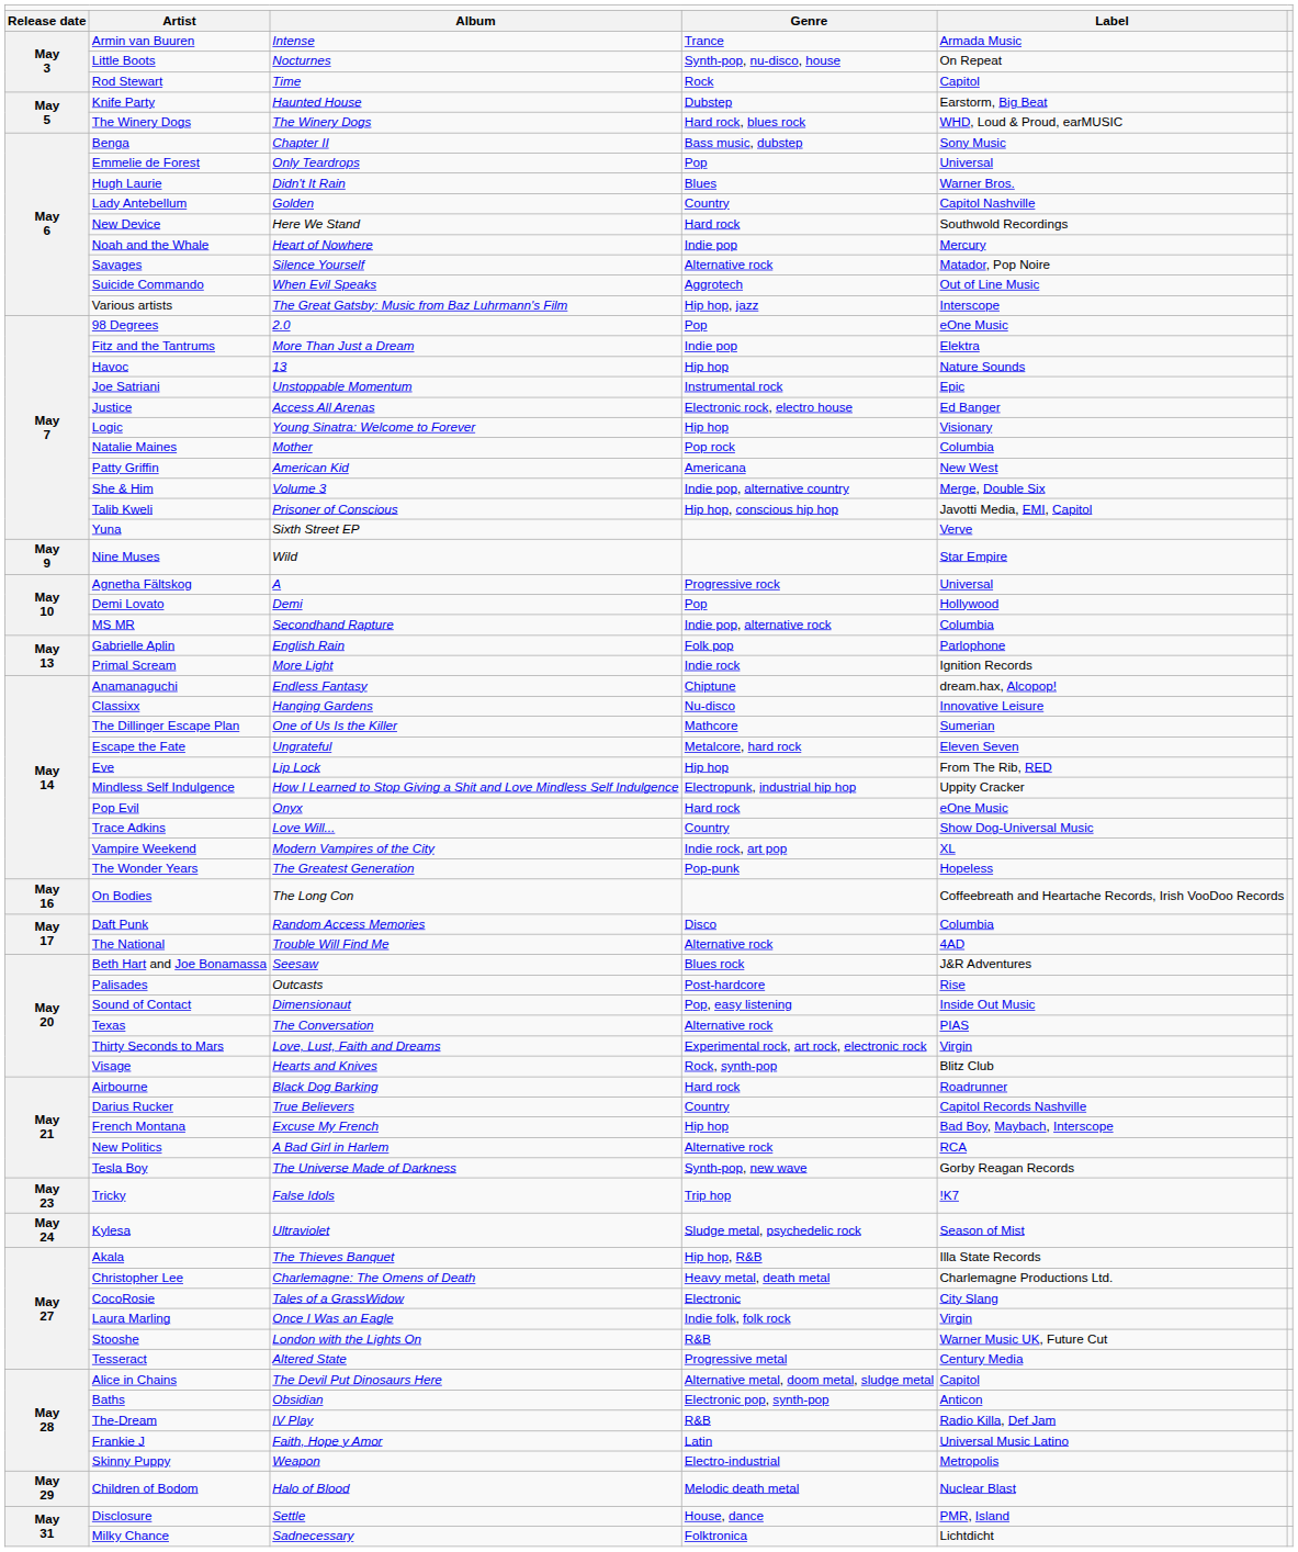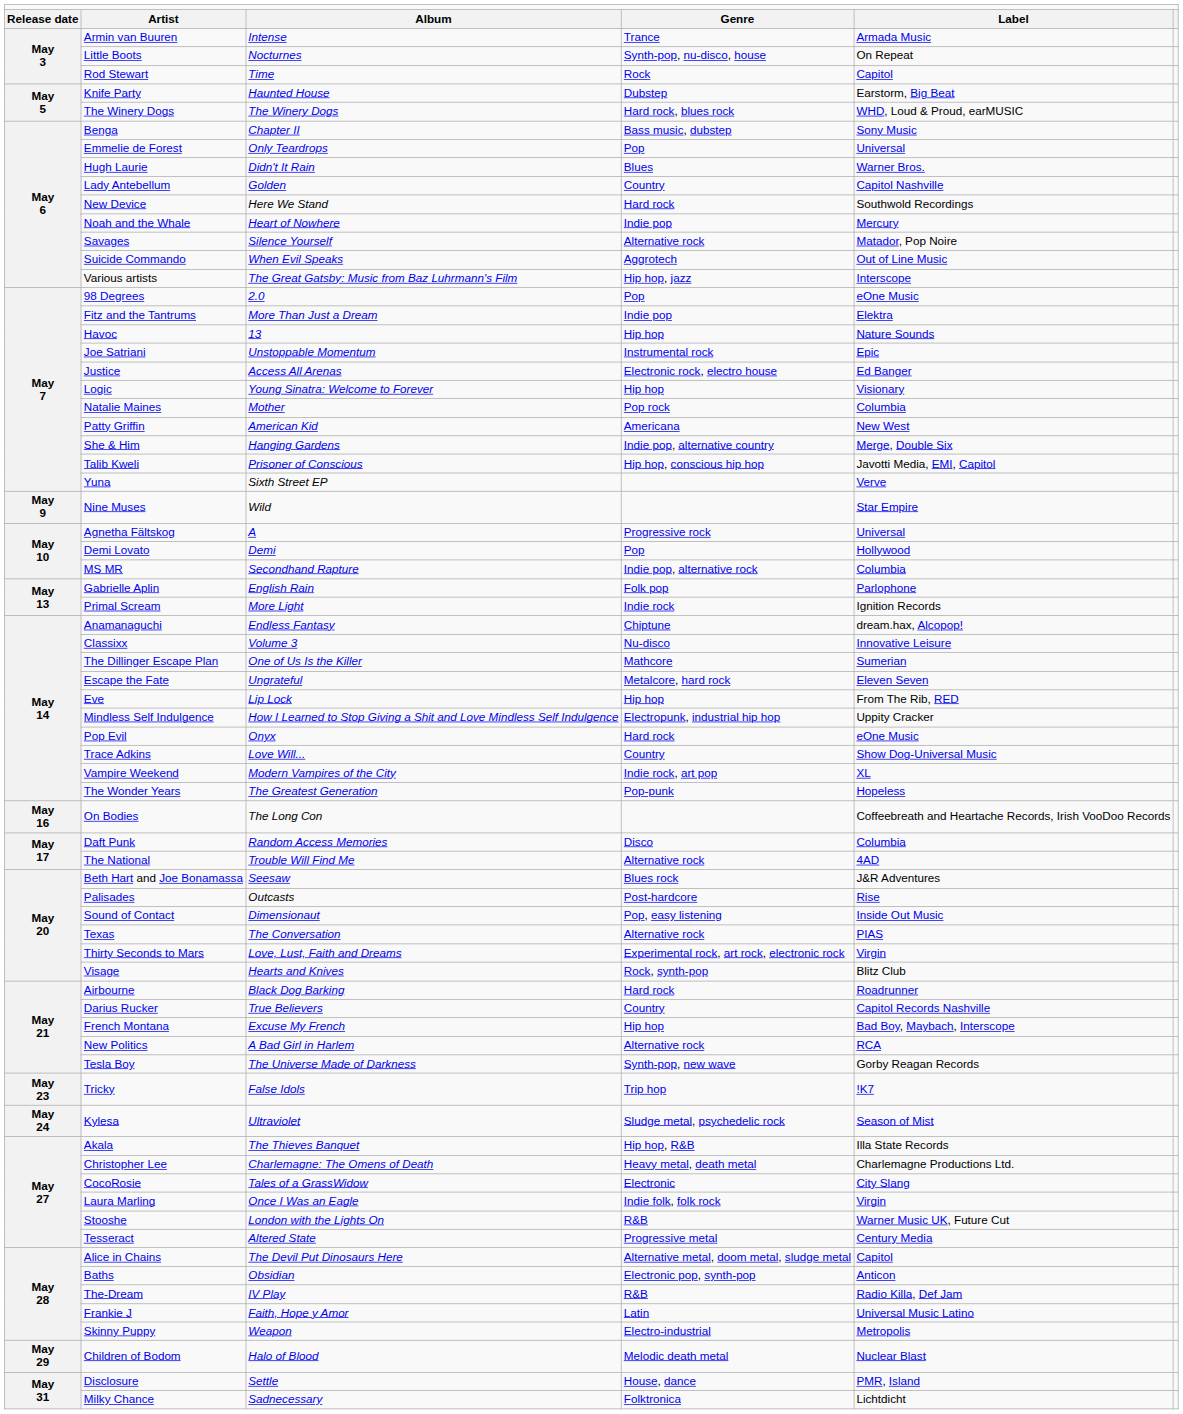 <table class="wikitable plainrowheaders">
 <tr>
 <td colspan="6" style="text-align:center;"></td>
 </tr>
 <tr>
 <th scope="col">Release date</th>
 <th scope="col">Artist</th>
 <th scope="col">Album</th>
 <th scope="col">Genre</th>
 <th scope="col">Label</th>
 <th scope="col"></th>
 </tr>
 <tr>
 <th scope="row" rowspan="3" style="text-align:center;">May<br>3</th>
 <td><a href='#'>Armin van Buuren</a></td>
 <td><em><a href='#'>Intense</a></em></td>
 <td><a href='#'>Trance</a></td>
 <td><a href='#'>Armada Music</a></td>
 <td></td>
 </tr>
 <tr>
 <td><a href='#'>Little Boots</a></td>
 <td><em><a href='#'>Nocturnes</a></em></td>
 <td><a href='#'>Synth-pop</a>, <a href='#'>nu-disco</a>, <a href='#'>house</a></td>
 <td>On Repeat</td>
 <td></td>
 </tr>
 <tr>
 <td><a href='#'>Rod Stewart</a></td>
 <td><em><a href='#'>Time</a></em></td>
 <td><a href='#'>Rock</a></td>
 <td><a href='#'>Capitol</a></td>
 <td></td>
 </tr>
 <tr>
 <th scope="row" rowspan="2" style="text-align:center;">May<br>5</th>
 <td><a href='#'>Knife Party</a></td>
 <td><em><a href='#'>Haunted House</a></em></td>
 <td><a href='#'>Dubstep</a></td>
 <td>Earstorm, <a href='#'>Big Beat</a></td>
 <td></td>
 </tr>
 <tr>
 <td><a href='#'>The Winery Dogs</a></td>
 <td><em><a href='#'>The Winery Dogs</a></em></td>
 <td><a href='#'>Hard rock</a>, <a href='#'>blues rock</a></td>
 <td><a href='#'>WHD</a>, Loud & Proud, earMUSIC</td>
 <td></td>
 </tr>
 <tr>
 <th scope="row" rowspan="9" style="text-align:center;">May<br>6</th>
 <td><a href='#'>Benga</a></td>
 <td><em><a href='#'>Chapter II</a></em></td>
 <td><a href='#'>Bass music</a>, <a href='#'>dubstep</a></td>
 <td><a href='#'>Sony Music</a></td>
 <td></td>
 </tr>
 <tr>
 <td><a href='#'>Emmelie de Forest</a></td>
 <td><em><a href='#'>Only Teardrops</a></em></td>
 <td><a href='#'>Pop</a></td>
 <td><a href='#'>Universal</a></td>
 <td></td>
 </tr>
 <tr>
 <td><a href='#'>Hugh Laurie</a></td>
 <td><em><a href='#'>Didn't It Rain</a></em></td>
 <td><a href='#'>Blues</a></td>
 <td><a href='#'>Warner Bros.</a></td>
 <td></td>
 </tr>
 <tr>
 <td><a href='#'>Lady Antebellum</a></td>
 <td><em><a href='#'>Golden</a></em></td>
 <td><a href='#'>Country</a></td>
 <td><a href='#'>Capitol Nashville</a></td>
 <td></td>
 </tr>
 <tr>
 <td><a href='#'>New Device</a></td>
 <td><em>Here We Stand</em></td>
 <td><a href='#'>Hard rock</a></td>
 <td>Southwold Recordings</td>
 <td></td>
 </tr>
 <tr>
 <td><a href='#'>Noah and the Whale</a></td>
 <td><em><a href='#'>Heart of Nowhere</a></em></td>
 <td><a href='#'>Indie pop</a></td>
 <td><a href='#'>Mercury</a></td>
 <td></td>
 </tr>
 <tr>
 <td><a href='#'>Savages</a></td>
 <td><em><a href='#'>Silence Yourself</a></em></td>
 <td><a href='#'>Alternative rock</a></td>
 <td><a href='#'>Matador</a>, Pop Noire</td>
 <td></td>
 </tr>
 <tr>
 <td><a href='#'>Suicide Commando</a></td>
 <td><em><a href='#'>When Evil Speaks</a></em></td>
 <td><a href='#'>Aggrotech</a></td>
 <td><a href='#'>Out of Line Music</a></td>
 <td></td>
 </tr>
 <tr>
 <td>Various artists</td>
 <td><em><a href='#'>The Great Gatsby: Music from Baz Luhrmann's Film</a></em></td>
 <td><a href='#'>Hip hop</a>, <a href='#'>jazz</a></td>
 <td><a href='#'>Interscope</a></td>
 <td></td>
 </tr>
 <tr>
 <th scope="row" rowspan="11" style="text-align:center;">May<br>7</th>
 <td><a href='#'>98 Degrees</a></td>
 <td><em><a href='#'>2.0</a></em></td>
 <td><a href='#'>Pop</a></td>
 <td><a href='#'>eOne Music</a></td>
 <td></td>
 </tr>
 <tr>
 <td><a href='#'>Fitz and the Tantrums</a></td>
 <td><em><a href='#'>More Than Just a Dream</a></em></td>
 <td><a href='#'>Indie pop</a></td>
 <td><a href='#'>Elektra</a></td>
 <td></td>
 </tr>
 <tr>
 <td><a href='#'>Havoc</a></td>
 <td><em><a href='#'>13</a></em></td>
 <td><a href='#'>Hip hop</a></td>
 <td><a href='#'>Nature Sounds</a></td>
 <td></td>
 </tr>
 <tr>
 <td><a href='#'>Joe Satriani</a></td>
 <td><em><a href='#'>Unstoppable Momentum</a></em></td>
 <td><a href='#'>Instrumental rock</a></td>
 <td><a href='#'>Epic</a></td>
 <td></td>
 </tr>
 <tr>
 <td><a href='#'>Justice</a></td>
 <td><em><a href='#'>Access All Arenas</a></em></td>
 <td><a href='#'>Electronic rock</a>, <a href='#'>electro house</a></td>
 <td><a href='#'>Ed Banger</a></td>
 <td></td>
 </tr>
 <tr>
 <td><a href='#'>Logic</a></td>
 <td><em><a href='#'>Young Sinatra: Welcome to Forever</a></em></td>
 <td><a href='#'>Hip hop</a></td>
 <td><a href='#'>Visionary</a></td>
 <td></td>
 </tr>
 <tr>
 <td><a href='#'>Natalie Maines</a></td>
 <td><em><a href='#'>Mother</a></em></td>
 <td><a href='#'>Pop rock</a></td>
 <td><a href='#'>Columbia</a></td>
 <td></td>
 </tr>
 <tr>
 <td><a href='#'>Patty Griffin</a></td>
 <td><em><a href='#'>American Kid</a></em></td>
 <td><a href='#'>Americana</a></td>
 <td><a href='#'>New West</a></td>
 <td></td>
 </tr>
 <tr>
 <td><a href='#'>She & Him</a></td>
-<td><em><a href='#'>Volume 3</a></em></td>
+<td><em><a href='#'>Hanging Gardens</a></em></td>
 <td><a href='#'>Indie pop</a>, <a href='#'>alternative country</a></td>
 <td><a href='#'>Merge</a>, <a href='#'>Double Six</a></td>
 <td></td>
 </tr>
 <tr>
 <td><a href='#'>Talib Kweli</a></td>
 <td><em><a href='#'>Prisoner of Conscious</a></em></td>
 <td><a href='#'>Hip hop</a>, <a href='#'>conscious hip hop</a></td>
 <td>Javotti Media, <a href='#'>EMI</a>, <a href='#'>Capitol</a></td>
 <td></td>
 </tr>
 <tr>
 <td><a href='#'>Yuna</a></td>
 <td><em>Sixth Street EP</em></td>
 <td></td>
 <td><a href='#'>Verve</a></td>
 <td></td>
 </tr>
 <tr>
 <th scope="row" style="text-align:center;">May<br>9</th>
 <td><a href='#'>Nine Muses</a></td>
 <td><em>Wild</em></td>
 <td></td>
 <td><a href='#'>Star Empire</a></td>
 <td></td>
 </tr>
 <tr>
 <th scope="row" rowspan="3" style="text-align:center;">May<br>10</th>
 <td><a href='#'>Agnetha Fältskog</a></td>
 <td><em><a href='#'>A</a></em></td>
 <td><a href='#'>Progressive rock</a></td>
 <td><a href='#'>Universal</a></td>
 <td></td>
 </tr>
 <tr>
 <td><a href='#'>Demi Lovato</a></td>
 <td><em><a href='#'>Demi</a></em></td>
 <td><a href='#'>Pop</a></td>
 <td><a href='#'>Hollywood</a></td>
 <td></td>
 </tr>
 <tr>
 <td><a href='#'>MS MR</a></td>
 <td><em><a href='#'>Secondhand Rapture</a></em></td>
 <td><a href='#'>Indie pop</a>, <a href='#'>alternative rock</a></td>
 <td><a href='#'>Columbia</a></td>
 <td></td>
 </tr>
 <tr>
 <th scope="row" rowspan="2" style="text-align:center;">May<br>13</th>
 <td><a href='#'>Gabrielle Aplin</a></td>
 <td><em><a href='#'>English Rain</a></em></td>
 <td><a href='#'>Folk pop</a></td>
 <td><a href='#'>Parlophone</a></td>
 <td></td>
 </tr>
 <tr>
 <td><a href='#'>Primal Scream</a></td>
 <td><em><a href='#'>More Light</a></em></td>
 <td><a href='#'>Indie rock</a></td>
 <td>Ignition Records</td>
 <td></td>
 </tr>
 <tr>
 <th scope="row" rowspan="10" style="text-align:center;">May<br>14</th>
 <td><a href='#'>Anamanaguchi</a></td>
 <td><em><a href='#'>Endless Fantasy</a></em></td>
 <td><a href='#'>Chiptune</a></td>
 <td>dream.hax, <a href='#'>Alcopop!</a></td>
 <td></td>
 </tr>
 <tr>
 <td><a href='#'>Classixx</a></td>
-<td><em><a href='#'>Hanging Gardens</a></em></td>
+<td><em><a href='#'>Volume 3</a></em></td>
 <td><a href='#'>Nu-disco</a></td>
 <td><a href='#'>Innovative Leisure</a></td>
 <td></td>
 </tr>
 <tr>
 <td><a href='#'>The Dillinger Escape Plan</a></td>
 <td><em><a href='#'>One of Us Is the Killer</a></em></td>
 <td><a href='#'>Mathcore</a></td>
 <td><a href='#'>Sumerian</a></td>
 <td></td>
 </tr>
 <tr>
 <td><a href='#'>Escape the Fate</a></td>
 <td><em><a href='#'>Ungrateful</a></em></td>
 <td><a href='#'>Metalcore</a>, <a href='#'>hard rock</a></td>
 <td><a href='#'>Eleven Seven</a></td>
 <td></td>
 </tr>
 <tr>
 <td><a href='#'>Eve</a></td>
 <td><em><a href='#'>Lip Lock</a></em></td>
 <td><a href='#'>Hip hop</a></td>
 <td>From The Rib, <a href='#'>RED</a></td>
 <td></td>
 </tr>
 <tr>
 <td><a href='#'>Mindless Self Indulgence</a></td>
 <td><em><a href='#'>How I Learned to Stop Giving a Shit and Love Mindless Self Indulgence</a></em></td>
 <td><a href='#'>Electropunk</a>, <a href='#'>industrial hip hop</a></td>
 <td>Uppity Cracker</td>
 <td></td>
 </tr>
 <tr>
 <td><a href='#'>Pop Evil</a></td>
 <td><em><a href='#'>Onyx</a></em></td>
 <td><a href='#'>Hard rock</a></td>
 <td><a href='#'>eOne Music</a></td>
 <td></td>
 </tr>
 <tr>
 <td><a href='#'>Trace Adkins</a></td>
 <td><em><a href='#'>Love Will...</a></em></td>
 <td><a href='#'>Country</a></td>
 <td><a href='#'>Show Dog-Universal Music</a></td>
 <td></td>
 </tr>
 <tr>
 <td><a href='#'>Vampire Weekend</a></td>
 <td><em><a href='#'>Modern Vampires of the City</a></em></td>
 <td><a href='#'>Indie rock</a>, <a href='#'>art pop</a></td>
 <td><a href='#'>XL</a></td>
 <td></td>
 </tr>
 <tr>
 <td><a href='#'>The Wonder Years</a></td>
 <td><em><a href='#'>The Greatest Generation</a></em></td>
 <td><a href='#'>Pop-punk</a></td>
 <td><a href='#'>Hopeless</a></td>
 <td></td>
 </tr>
 <tr>
 <th scope="row" style="text-align:center;">May<br>16</th>
 <td><a href='#'>On Bodies</a></td>
 <td><em>The Long Con</em></td>
 <td></td>
 <td>Coffeebreath and Heartache Records, Irish VooDoo Records</td>
 <td></td>
 </tr>
 <tr>
 <th scope="row" rowspan="2" style="text-align:center;">May<br>17</th>
 <td><a href='#'>Daft Punk</a></td>
 <td><em><a href='#'>Random Access Memories</a></em></td>
 <td><a href='#'>Disco</a></td>
 <td><a href='#'>Columbia</a></td>
 <td></td>
 </tr>
 <tr>
 <td><a href='#'>The National</a></td>
 <td><em><a href='#'>Trouble Will Find Me</a></em></td>
 <td><a href='#'>Alternative rock</a></td>
 <td><a href='#'>4AD</a></td>
 <td></td>
 </tr>
 <tr>
 <th scope="row" rowspan="6" style="text-align:center;">May<br>20</th>
 <td><a href='#'>Beth Hart</a> and <a href='#'>Joe Bonamassa</a></td>
 <td><em><a href='#'>Seesaw</a></em></td>
 <td><a href='#'>Blues rock</a></td>
 <td>J&R Adventures</td>
 <td></td>
 </tr>
 <tr>
 <td><a href='#'>Palisades</a></td>
 <td><em>Outcasts</em></td>
 <td><a href='#'>Post-hardcore</a></td>
 <td><a href='#'>Rise</a></td>
 <td></td>
 </tr>
 <tr>
 <td><a href='#'>Sound of Contact</a></td>
 <td><em><a href='#'>Dimensionaut</a></em></td>
 <td><a href='#'>Pop</a>, <a href='#'>easy listening</a></td>
 <td><a href='#'>Inside Out Music</a></td>
 <td></td>
 </tr>
 <tr>
 <td><a href='#'>Texas</a></td>
 <td><em><a href='#'>The Conversation</a></em></td>
 <td><a href='#'>Alternative rock</a></td>
 <td><a href='#'>PIAS</a></td>
 <td></td>
 </tr>
 <tr>
 <td><a href='#'>Thirty Seconds to Mars</a></td>
 <td><em><a href='#'>Love, Lust, Faith and Dreams</a></em></td>
 <td><a href='#'>Experimental rock</a>, <a href='#'>art rock</a>, <a href='#'>electronic rock</a></td>
 <td><a href='#'>Virgin</a></td>
 <td></td>
 </tr>
 <tr>
 <td><a href='#'>Visage</a></td>
 <td><em><a href='#'>Hearts and Knives</a></em></td>
 <td><a href='#'>Rock</a>, <a href='#'>synth-pop</a></td>
 <td>Blitz Club</td>
 <td></td>
 </tr>
 <tr>
 <th scope="row" rowspan="5" style="text-align:center;">May<br>21</th>
 <td><a href='#'>Airbourne</a></td>
 <td><em><a href='#'>Black Dog Barking</a></em></td>
 <td><a href='#'>Hard rock</a></td>
 <td><a href='#'>Roadrunner</a></td>
 <td></td>
 </tr>
 <tr>
 <td><a href='#'>Darius Rucker</a></td>
 <td><em><a href='#'>True Believers</a></em></td>
 <td><a href='#'>Country</a></td>
 <td><a href='#'>Capitol Records Nashville</a></td>
 <td></td>
 </tr>
 <tr>
 <td><a href='#'>French Montana</a></td>
 <td><em><a href='#'>Excuse My French</a></em></td>
 <td><a href='#'>Hip hop</a></td>
 <td><a href='#'>Bad Boy</a>, <a href='#'>Maybach</a>, <a href='#'>Interscope</a></td>
 <td></td>
 </tr>
 <tr>
 <td><a href='#'>New Politics</a></td>
 <td><em><a href='#'>A Bad Girl in Harlem</a></em></td>
 <td><a href='#'>Alternative rock</a></td>
 <td><a href='#'>RCA</a></td>
 <td></td>
 </tr>
 <tr>
 <td><a href='#'>Tesla Boy</a></td>
 <td><em><a href='#'>The Universe Made of Darkness</a></em></td>
 <td><a href='#'>Synth-pop</a>, <a href='#'>new wave</a></td>
 <td>Gorby Reagan Records</td>
 <td></td>
 </tr>
 <tr>
 <th scope="row" style="text-align:center;">May<br>23</th>
 <td><a href='#'>Tricky</a></td>
 <td><em><a href='#'>False Idols</a></em></td>
 <td><a href='#'>Trip hop</a></td>
 <td><a href='#'>!K7</a></td>
 <td></td>
 </tr>
 <tr>
 <th scope="row" style="text-align:center;">May<br>24</th>
 <td><a href='#'>Kylesa</a></td>
 <td><em><a href='#'>Ultraviolet</a></em></td>
 <td><a href='#'>Sludge metal</a>, <a href='#'>psychedelic rock</a></td>
 <td><a href='#'>Season of Mist</a></td>
 <td></td>
 </tr>
 <tr>
 <th scope="row" rowspan="6" style="text-align:center;">May<br>27</th>
 <td><a href='#'>Akala</a></td>
 <td><em><a href='#'>The Thieves Banquet</a></em></td>
 <td><a href='#'>Hip hop</a>, <a href='#'>R&B</a></td>
 <td>Illa State Records</td>
 <td></td>
 </tr>
 <tr>
 <td><a href='#'>Christopher Lee</a></td>
 <td><em><a href='#'>Charlemagne: The Omens of Death</a></em></td>
 <td><a href='#'>Heavy metal</a>, <a href='#'>death metal</a></td>
 <td>Charlemagne Productions Ltd.</td>
 <td></td>
 </tr>
 <tr>
 <td><a href='#'>CocoRosie</a></td>
 <td><em><a href='#'>Tales of a GrassWidow</a></em></td>
 <td><a href='#'>Electronic</a></td>
 <td><a href='#'>City Slang</a></td>
 <td></td>
 </tr>
 <tr>
 <td><a href='#'>Laura Marling</a></td>
 <td><em><a href='#'>Once I Was an Eagle</a></em></td>
 <td><a href='#'>Indie folk</a>, <a href='#'>folk rock</a></td>
 <td><a href='#'>Virgin</a></td>
 <td></td>
 </tr>
 <tr>
 <td><a href='#'>Stooshe</a></td>
 <td><em><a href='#'>London with the Lights On</a></em></td>
 <td><a href='#'>R&B</a></td>
 <td><a href='#'>Warner Music UK</a>, Future Cut</td>
 <td></td>
 </tr>
 <tr>
 <td><a href='#'>Tesseract</a></td>
 <td><em><a href='#'>Altered State</a></em></td>
 <td><a href='#'>Progressive metal</a></td>
 <td><a href='#'>Century Media</a></td>
 <td></td>
 </tr>
 <tr>
 <th scope="row" rowspan="5" style="text-align:center;">May<br>28</th>
 <td><a href='#'>Alice in Chains</a></td>
 <td><em><a href='#'>The Devil Put Dinosaurs Here</a></em></td>
 <td><a href='#'>Alternative metal</a>, <a href='#'>doom metal</a>,  <a href='#'>sludge metal</a></td>
 <td><a href='#'>Capitol</a></td>
 <td></td>
 </tr>
 <tr>
 <td><a href='#'>Baths</a></td>
 <td><em><a href='#'>Obsidian</a></em></td>
 <td><a href='#'>Electronic pop</a>, <a href='#'>synth-pop</a></td>
 <td><a href='#'>Anticon</a></td>
 <td></td>
 </tr>
 <tr>
 <td><a href='#'>The-Dream</a></td>
 <td><em><a href='#'>IV Play</a></em></td>
 <td><a href='#'>R&B</a></td>
 <td><a href='#'>Radio Killa</a>, <a href='#'>Def Jam</a></td>
 <td></td>
 </tr>
 <tr>
 <td><a href='#'>Frankie J</a></td>
 <td><em><a href='#'>Faith, Hope y Amor</a></em></td>
 <td><a href='#'>Latin</a></td>
 <td><a href='#'>Universal Music Latino</a></td>
 <td></td>
 </tr>
 <tr>
 <td><a href='#'>Skinny Puppy</a></td>
 <td><em><a href='#'>Weapon</a></em></td>
 <td><a href='#'>Electro-industrial</a></td>
 <td><a href='#'>Metropolis</a></td>
 <td></td>
 </tr>
 <tr>
 <th scope="row" style="text-align:center;">May<br>29</th>
 <td><a href='#'>Children of Bodom</a></td>
 <td><em><a href='#'>Halo of Blood</a></em></td>
 <td><a href='#'>Melodic death metal</a></td>
 <td><a href='#'>Nuclear Blast</a></td>
 <td></td>
 </tr>
 <tr>
 <th scope="row" rowspan="2" style="text-align:center;">May<br>31</th>
 <td><a href='#'>Disclosure</a></td>
 <td><em><a href='#'>Settle</a></em></td>
 <td><a href='#'>House</a>, <a href='#'>dance</a></td>
 <td><a href='#'>PMR</a>, <a href='#'>Island</a></td>
 <td></td>
 </tr>
 <tr>
 <td><a href='#'>Milky Chance</a></td>
 <td><em><a href='#'>Sadnecessary</a></em></td>
 <td><a href='#'>Folktronica</a></td>
 <td>Lichtdicht</td>
 <td></td>
 </tr>
 </table>
